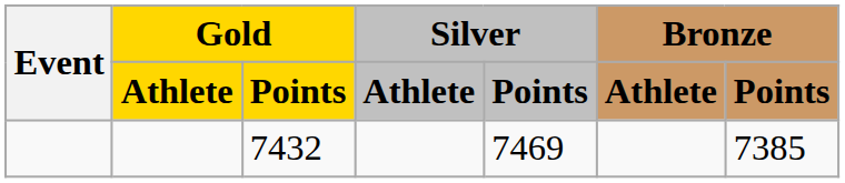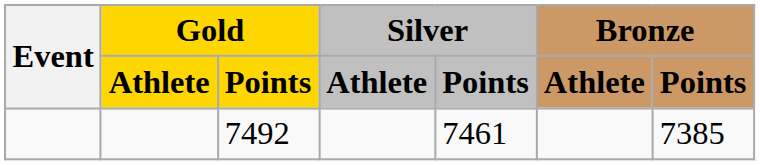 <table class="wikitable">
 <tr>
 <th scope="col" rowspan=2>Event</th>
 <th scope="colgroup" colspan=2 style="background-color: gold;">Gold</th>
 <th scope="colgroup" colspan=2 style="background-color: silver;">Silver</th>
 <th scope="colgroup" colspan=2 style="background-color: #cc9966;">Bronze</th>
 </tr>
 <tr>
 <th scope="col" style="background-color:gold;">Athlete</th>
 <th scope="col" style="background-color:gold;">Points</th>
 <th scope="col" style="background-color:silver;">Athlete</th>
 <th scope="col" style="background-color:silver;">Points</th>
 <th scope="col" style="background-color:#cc9966;">Athlete</th>
 <th scope="col" style="background-color:#cc9966;">Points</th>
 </tr>
 <tr>
 <td></td>
 <td></td>
-<td>7432</td>
+<td>7492</td>
 <td></td>
-<td>7469</td>
+<td>7461</td>
 <td></td>
 <td>7385</td>
 </tr>
 </table>
